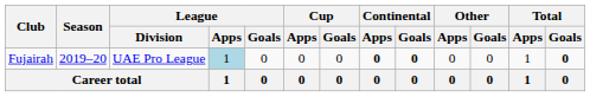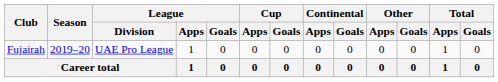 <table class="wikitable" style="text-align: center">
 <tr>
 <th rowspan="2">Club</th>
 <th rowspan="2">Season</th>
 <th colspan="3">League</th>
 <th colspan="2">Cup</th>
 <th colspan="2">Continental</th>
 <th colspan="2">Other</th>
 <th colspan="2">Total</th>
 </tr>
 <tr>
 <th>Division</th>
 <th>Apps</th>
 <th>Goals</th>
 <th>Apps</th>
 <th>Goals</th>
 <th>Apps</th>
 <th>Goals</th>
 <th>Apps</th>
 <th>Goals</th>
 <th>Apps</th>
 <th>Goals</th>
 </tr>
 <tr>
 <td><a href='#'>Fujairah</a></td>
 <td><a href='#'>2019–20</a></td>
 <td><a href='#'>UAE Pro League</a></td>
-<td style="background: lightblue;">1</td>
+<td>1</td>
 <td>0</td>
 <td>0</td>
 <td>0</td>
-<td><strong>0</strong></td>
-<td><strong>0</strong></td>
+<td>0</td>
+<td>0</td>
 <td>0</td>
 <td>0</td>
 <td>1</td>
-<td><strong>0</strong></td>
+<td>0</td>
 </tr>
 <tr>
 <th colspan="3"><strong>Career total</strong></th>
 <th>1</th>
 <th>0</th>
 <th>0</th>
 <th>0</th>
 <th>0</th>
 <th>0</th>
 <th>0</th>
 <th>0</th>
 <th>1</th>
 <th>0</th>
 </tr>
 </table>
